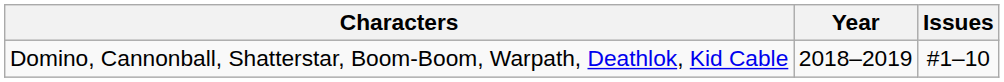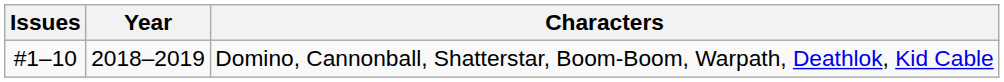 <table class="wikitable">
 <tr>
+<th>Issues</th>
+<th>Year</th>
 <th>Characters</th>
-<th>Year</th>
-<th>Issues</th>
 </tr>
 <tr>
+<td align=center>#1–10</td>
+<td>2018–2019</td>
 <td>Domino, Cannonball, Shatterstar, Boom-Boom, Warpath, <a href='#'>Deathlok</a>, <a href='#'>Kid Cable</a></td>
-<td>2018–2019</td>
-<td align=center>#1–10</td>
 </tr>
 </table>
